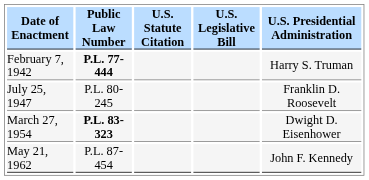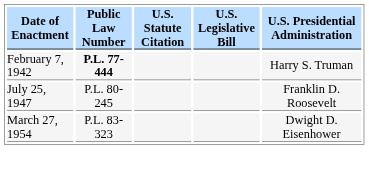 <table style="border:1px solid gray; align:left; width:75%" cellspacing=3 cellpadding=0>
 <tr style="font-weight:bold; text-align:center; background:#bdf; color:black;">
 <th style=" border-bottom:1.5px solid black">Date of Enactment</th>
 <th style=" border-bottom:1.5px solid black">Public Law Number</th>
 <th style=" border-bottom:1.5px solid black">U.S. Statute Citation</th>
 <th style=" border-bottom:1.5px solid black">U.S. Legislative Bill</th>
 <th style=" border-bottom:1.5px solid black">U.S. Presidential Administration</th>
 </tr>
 <tr>
 <td style="border-bottom:1px solid gray; background:#F5F5F5;">February 7, 1942</td>
 <td style="border-bottom:1px solid gray; background:#F5F5F5; text-align:center;"><strong>P.L. 77-444</strong></td>
 <td style="border-bottom:1px solid gray; background:#F5F5F5; text-align:center;"></td>
 <td style="border-bottom:1px solid gray; background:#F5F5F5; text-align:center;"></td>
 <td style="border-bottom:1px solid gray; background:#F5F5F5; text-align:center;">Harry S. Truman</td>
 </tr>
 <tr>
 <td style="border-bottom:1px solid gray; background:#F5F5F5;">July 25, 1947</td>
 <td style="border-bottom:1px solid gray; background:#F5F5F5; text-align:center;">P.L. 80-245</td>
 <td style="border-bottom:1px solid gray; background:#F5F5F5; text-align:center;"></td>
 <td style="border-bottom:1px solid gray; background:#F5F5F5; text-align:center;"></td>
 <td style="border-bottom:1px solid gray; background:#F5F5F5; text-align:center;">Franklin D. Roosevelt</td>
 </tr>
 <tr>
 <td style="border-bottom:1px solid gray; background:#F5F5F5;">March 27, 1954</td>
-<td style="border-bottom:1px solid gray; background:#F5F5F5; text-align:center;"><strong>P.L. 83-323</strong></td>
+<td style="border-bottom:1px solid gray; background:#F5F5F5; text-align:center;">P.L. 83-323</td>
 <td style="border-bottom:1px solid gray; background:#F5F5F5; text-align:center;"></td>
 <td style="border-bottom:1px solid gray; background:#F5F5F5; text-align:center;"></td>
 <td style="border-bottom:1px solid gray; background:#F5F5F5; text-align:center;">Dwight D. Eisenhower</td>
 </tr>
-<tr>
-<td style="border-bottom:1.5px solid black; background:#F5F5F5;">May 21, 1962</td>
-<td style="border-bottom:1.5px solid black; background:#F5F5F5; text-align:center;">P.L. 87-454</td>
-<td style="border-bottom:1.5px solid black; background:#F5F5F5; text-align:center;"></td>
-<td style="border-bottom:1.5px solid black; background:#F5F5F5; text-align:center;"></td>
-<td style="border-bottom:1.5px solid black; background:#F5F5F5; text-align:center;">John F. Kennedy</td>
-</tr>
 </table>
